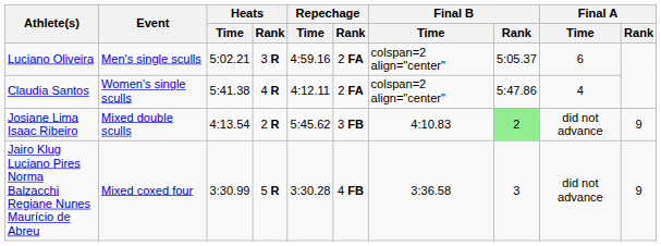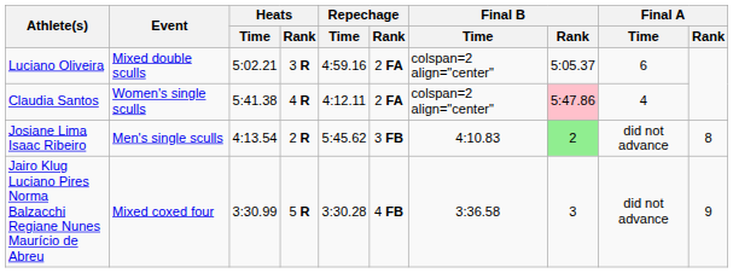 <table class="wikitable">
 <tr>
 <th rowspan="2">Athlete(s)</th>
 <th rowspan="2">Event</th>
 <th colspan="2">Heats</th>
 <th colspan="2">Repechage</th>
 <th colspan="2">Final B</th>
 <th colspan="2">Final A</th>
 </tr>
 <tr>
 <th>Time</th>
 <th>Rank</th>
 <th>Time</th>
 <th>Rank</th>
 <th>Time</th>
 <th>Rank</th>
 <th>Time</th>
 <th>Rank</th>
 </tr>
 <tr>
 <td><a href='#'>Luciano Oliveira</a></td>
-<td><a href='#'>Men's single sculls</a></td>
+<td><a href='#'>Mixed double sculls</a></td>
 <td align="center">5:02.21</td>
 <td align="center">3 <strong>R</strong></td>
 <td align="center">4:59.16</td>
 <td align="center">2 <strong>FA</strong></td>
 <td>colspan=2 align="center" </td>
 <td align="center">5:05.37</td>
 <td align="center">6</td>
 </tr>
 <tr>
 <td><a href='#'>Claudia Santos</a></td>
 <td><a href='#'>Women's single sculls</a></td>
 <td align="center">5:41.38</td>
 <td align="center">4 <strong>R</strong></td>
 <td align="center">4:12.11</td>
 <td align="center">2 <strong>FA</strong></td>
 <td>colspan=2 align="center" </td>
-<td align="center">5:47.86</td>
+<td align="center" style="background: pink;">5:47.86</td>
 <td align="center">4</td>
 </tr>
 <tr>
 <td><a href='#'>Josiane Lima</a><br><a href='#'>Isaac Ribeiro</a></td>
-<td><a href='#'>Mixed double sculls</a></td>
+<td><a href='#'>Men's single sculls</a></td>
 <td align="center">4:13.54</td>
 <td align="center">2 <strong>R</strong></td>
 <td align="center">5:45.62</td>
 <td align="center">3 <strong>FB</strong></td>
 <td align="center">4:10.83</td>
 <td align="center" style="background: lightgreen;">2</td>
 <td align="center">did not advance</td>
-<td align="center">9</td>
+<td align="center">8</td>
 </tr>
 <tr>
 <td><a href='#'>Jairo Klug</a><br><a href='#'>Luciano Pires</a><br><a href='#'>Norma Balzacchi</a><br><a href='#'>Regiane Nunes</a><br><a href='#'>Maurício de Abreu</a></td>
 <td><a href='#'>Mixed coxed four</a></td>
 <td align="center">3:30.99</td>
 <td align="center">5 <strong>R</strong></td>
 <td align="center">3:30.28</td>
 <td align="center">4 <strong>FB</strong></td>
 <td align="center">3:36.58</td>
 <td align="center">3</td>
 <td align="center">did not advance</td>
 <td align="center">9</td>
 </tr>
 </table>
